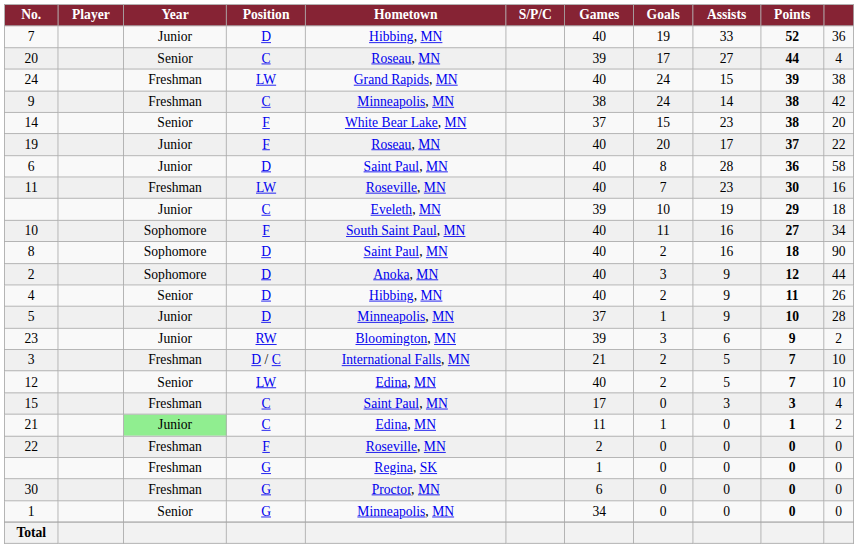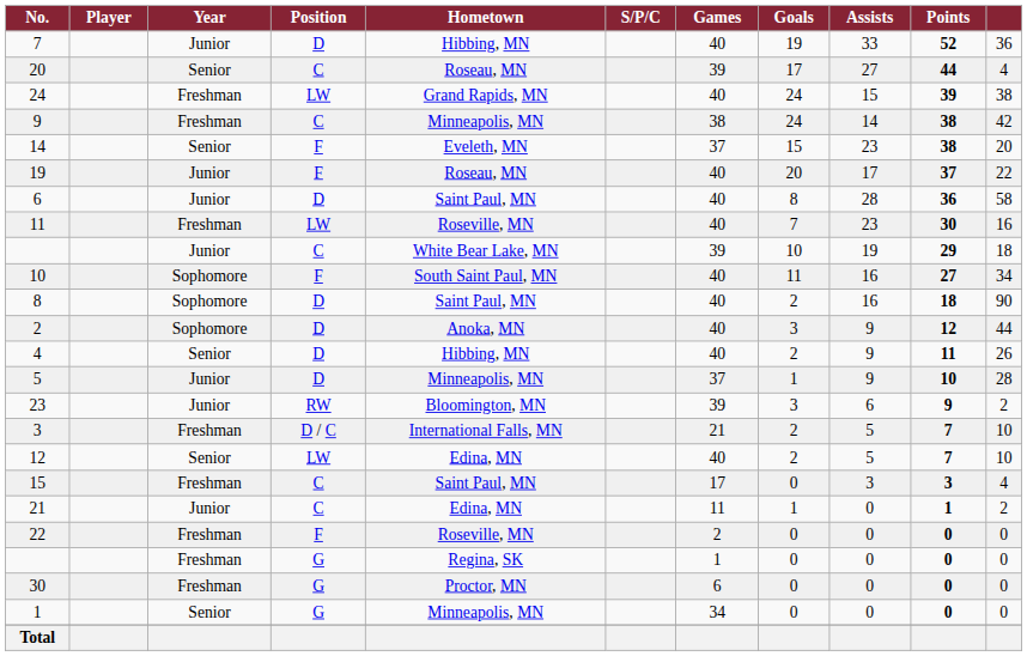 <table class="wikitable sortable" width ="1000">
 <tr align="center">
 <th style="color:white; background:#862334; ">No.</th>
 <th style="color:white; background:#862334; ">Player</th>
 <th style="color:white; background:#862334; ">Year</th>
 <th style="color:white; background:#862334; ">Position</th>
 <th style="color:white; background:#862334; ">Hometown</th>
 <th style="color:white; background:#862334; ">S/P/C</th>
 <th style="color:white; background:#862334; ">Games</th>
 <th style="color:white; background:#862334; ">Goals</th>
 <th style="color:white; background:#862334; ">Assists</th>
 <th style="color:white; background:#862334; ">Points</th>
 <th style="color:white; background:#862334; "><a href='#'></a></th>
 </tr>
 <tr align="center" bgcolor="">
 <td>7</td>
 <td></td>
 <td>Junior</td>
 <td><a href='#'>D</a></td>
 <td><a href='#'>Hibbing</a>, <a href='#'>MN</a></td>
 <td></td>
 <td>40</td>
 <td>19</td>
 <td>33</td>
 <td><strong>52</strong></td>
 <td>36</td>
 </tr>
 <tr align="center" bgcolor="#f0f0f0">
 <td>20</td>
 <td></td>
 <td>Senior</td>
 <td><a href='#'>C</a></td>
 <td><a href='#'>Roseau</a>, <a href='#'>MN</a></td>
 <td></td>
 <td>39</td>
 <td>17</td>
 <td>27</td>
 <td><strong>44</strong></td>
 <td>4</td>
 </tr>
 <tr align="center">
 <td>24</td>
 <td></td>
 <td>Freshman</td>
 <td><a href='#'>LW</a></td>
 <td><a href='#'>Grand Rapids</a>, <a href='#'>MN</a></td>
 <td></td>
 <td>40</td>
 <td>24</td>
 <td>15</td>
 <td><strong>39</strong></td>
 <td>38</td>
 </tr>
 <tr align="center" bgcolor="#f0f0f0">
 <td>9</td>
 <td></td>
 <td>Freshman</td>
 <td><a href='#'>C</a></td>
 <td><a href='#'>Minneapolis</a>, <a href='#'>MN</a></td>
 <td></td>
 <td>38</td>
 <td>24</td>
 <td>14</td>
 <td><strong>38</strong></td>
 <td>42</td>
 </tr>
 <tr align="center">
 <td>14</td>
 <td></td>
 <td>Senior</td>
 <td><a href='#'>F</a></td>
-<td><a href='#'>White Bear Lake</a>, <a href='#'>MN</a></td>
+<td><a href='#'>Eveleth</a>, <a href='#'>MN</a></td>
 <td></td>
 <td>37</td>
 <td>15</td>
 <td>23</td>
 <td><strong>38</strong></td>
 <td>20</td>
 </tr>
 <tr align="center" bgcolor="#f0f0f0">
 <td>19</td>
 <td></td>
 <td>Junior</td>
 <td><a href='#'>F</a></td>
 <td><a href='#'>Roseau</a>, <a href='#'>MN</a></td>
 <td></td>
 <td>40</td>
 <td>20</td>
 <td>17</td>
 <td><strong>37</strong></td>
 <td>22</td>
 </tr>
 <tr align="center">
 <td>6</td>
 <td></td>
 <td>Junior</td>
 <td><a href='#'>D</a></td>
 <td><a href='#'>Saint Paul</a>, <a href='#'>MN</a></td>
 <td></td>
 <td>40</td>
 <td>8</td>
 <td>28</td>
 <td><strong>36</strong></td>
 <td>58</td>
 </tr>
 <tr align="center" bgcolor="#f0f0f0">
 <td>11</td>
 <td></td>
 <td>Freshman</td>
 <td><a href='#'>LW</a></td>
 <td><a href='#'>Roseville</a>, <a href='#'>MN</a></td>
 <td></td>
 <td>40</td>
 <td>7</td>
 <td>23</td>
 <td><strong>30</strong></td>
 <td>16</td>
 </tr>
 <tr align="center" 2>
 <td></td>
 <td></td>
 <td>Junior</td>
 <td><a href='#'>C</a></td>
-<td><a href='#'>Eveleth</a>, <a href='#'>MN</a></td>
+<td><a href='#'>White Bear Lake</a>, <a href='#'>MN</a></td>
 <td></td>
 <td>39</td>
 <td>10</td>
 <td>19</td>
 <td><strong>29</strong></td>
 <td>18</td>
 </tr>
 <tr align="center" bgcolor="#f0f0f0">
 <td>10</td>
 <td></td>
 <td>Sophomore</td>
 <td><a href='#'>F</a></td>
 <td><a href='#'>South Saint Paul</a>, <a href='#'>MN</a></td>
 <td></td>
 <td>40</td>
 <td>11</td>
 <td>16</td>
 <td><strong>27</strong></td>
 <td>34</td>
 </tr>
 <tr align="center">
 <td>8</td>
 <td></td>
 <td>Sophomore</td>
 <td><a href='#'>D</a></td>
 <td><a href='#'>Saint Paul</a>, <a href='#'>MN</a></td>
 <td></td>
 <td>40</td>
 <td>2</td>
 <td>16</td>
 <td><strong>18</strong></td>
 <td>90</td>
 </tr>
 <tr align="center" bgcolor="#f0f0f0">
 <td>2</td>
 <td></td>
 <td>Sophomore</td>
 <td><a href='#'>D</a></td>
 <td><a href='#'>Anoka</a>, <a href='#'>MN</a></td>
 <td></td>
 <td>40</td>
 <td>3</td>
 <td>9</td>
 <td><strong>12</strong></td>
 <td>44</td>
 </tr>
 <tr align="center">
 <td>4</td>
 <td></td>
 <td>Senior</td>
 <td><a href='#'>D</a></td>
 <td><a href='#'>Hibbing</a>, <a href='#'>MN</a></td>
 <td></td>
 <td>40</td>
 <td>2</td>
 <td>9</td>
 <td><strong>11</strong></td>
 <td>26</td>
 </tr>
 <tr align="center" bgcolor="#f0f0f0">
 <td>5</td>
 <td></td>
 <td>Junior</td>
 <td><a href='#'>D</a></td>
 <td><a href='#'>Minneapolis</a>, <a href='#'>MN</a></td>
 <td></td>
 <td>37</td>
 <td>1</td>
 <td>9</td>
 <td><strong>10</strong></td>
 <td>28</td>
 </tr>
 <tr align="center">
 <td>23</td>
 <td></td>
 <td>Junior</td>
 <td><a href='#'>RW</a></td>
 <td><a href='#'>Bloomington</a>, <a href='#'>MN</a></td>
 <td></td>
 <td>39</td>
 <td>3</td>
 <td>6</td>
 <td><strong>9</strong></td>
 <td>2</td>
 </tr>
 <tr align="center" bgcolor="#f0f0f0">
 <td>3</td>
 <td></td>
 <td>Freshman</td>
 <td><a href='#'>D</a> / <a href='#'>C</a></td>
 <td><a href='#'>International Falls</a>, <a href='#'>MN</a></td>
 <td></td>
 <td>21</td>
 <td>2</td>
 <td>5</td>
 <td><strong>7</strong></td>
 <td>10</td>
 </tr>
 <tr align="center">
 <td>12</td>
 <td></td>
 <td>Senior</td>
 <td><a href='#'>LW</a></td>
 <td><a href='#'>Edina</a>, <a href='#'>MN</a></td>
 <td></td>
 <td>40</td>
 <td>2</td>
 <td>5</td>
 <td><strong>7</strong></td>
 <td>10</td>
 </tr>
 <tr align="center" bgcolor="#f0f0f0">
 <td>15</td>
 <td></td>
 <td>Freshman</td>
 <td><a href='#'>C</a></td>
 <td><a href='#'>Saint Paul</a>, <a href='#'>MN</a></td>
 <td></td>
 <td>17</td>
 <td>0</td>
 <td>3</td>
 <td><strong>3</strong></td>
 <td>4</td>
 </tr>
 <tr align="center">
 <td>21</td>
 <td></td>
-<td style="background: lightgreen;">Junior</td>
+<td>Junior</td>
 <td><a href='#'>C</a></td>
 <td><a href='#'>Edina</a>, <a href='#'>MN</a></td>
 <td></td>
 <td>11</td>
 <td>1</td>
 <td>0</td>
 <td><strong>1</strong></td>
 <td>2</td>
 </tr>
 <tr align="center" bgcolor="#f0f0f0">
 <td>22</td>
 <td></td>
 <td>Freshman</td>
 <td><a href='#'>F</a></td>
 <td><a href='#'>Roseville</a>, <a href='#'>MN</a></td>
 <td></td>
 <td>2</td>
 <td>0</td>
 <td>0</td>
 <td><strong>0</strong></td>
 <td>0</td>
 </tr>
 <tr align="center">
 <td></td>
 <td></td>
 <td>Freshman</td>
 <td><a href='#'>G</a></td>
 <td><a href='#'>Regina</a>, <a href='#'>SK</a></td>
 <td></td>
 <td>1</td>
 <td>0</td>
 <td>0</td>
 <td><strong>0</strong></td>
 <td>0</td>
 </tr>
 <tr align="center" bgcolor="#f0f0f0">
 <td>30</td>
 <td></td>
 <td>Freshman</td>
 <td><a href='#'>G</a></td>
 <td><a href='#'>Proctor</a>, <a href='#'>MN</a></td>
 <td></td>
 <td>6</td>
 <td>0</td>
 <td>0</td>
 <td><strong>0</strong></td>
 <td>0</td>
 </tr>
 <tr align="center">
 <td>1</td>
 <td></td>
 <td>Senior</td>
 <td><a href='#'>G</a></td>
 <td><a href='#'>Minneapolis</a>, <a href='#'>MN</a></td>
 <td></td>
 <td>34</td>
 <td>0</td>
 <td>0</td>
 <td><strong>0</strong></td>
 <td>0</td>
 </tr>
 <tr align="center" bgcolor="#f0f0f0">
 </tr>
 <tr>
 <th>Total</th>
 <th></th>
 <th></th>
 <th></th>
 <th></th>
 <th></th>
 <th></th>
 <th></th>
 <th></th>
 <th></th>
 <th></th>
 </tr>
 </table>
